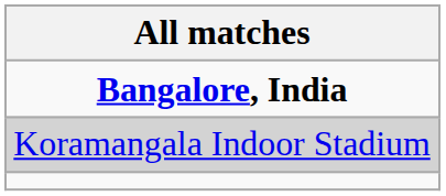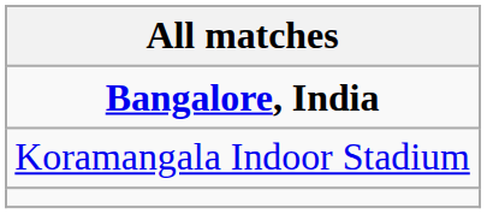 <table class="wikitable" style="text-align:center">
 <tr>
 <th>All matches</th>
 </tr>
 <tr>
 <td> <strong><a href='#'>Bangalore</a>, India</strong></td>
 </tr>
 <tr>
-<td style="background: lightgrey;"><a href='#'>Koramangala Indoor Stadium</a></td>
+<td><a href='#'>Koramangala Indoor Stadium</a></td>
 </tr>
 <tr>
 <td></td>
 </tr>
 </table>
